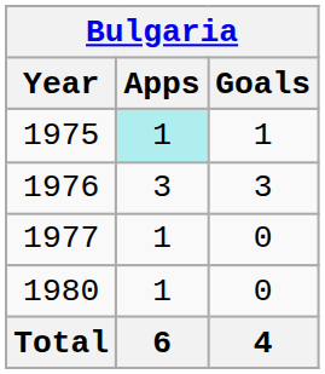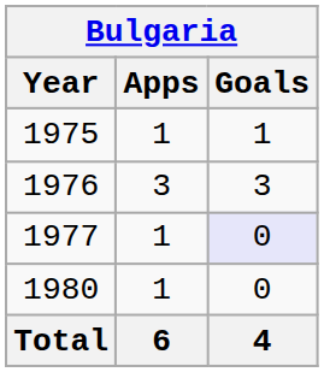 <table class="wikitable" style="text-align:center">
 <tr>
 <th colspan=3><a href='#'>Bulgaria</a></th>
 </tr>
 <tr>
 <th>Year</th>
 <th>Apps</th>
 <th>Goals</th>
 </tr>
 <tr>
 <td>1975</td>
-<td style="background: paleturquoise;">1</td>
+<td>1</td>
 <td>1</td>
 </tr>
 <tr>
 <td>1976</td>
 <td>3</td>
 <td>3</td>
 </tr>
 <tr>
 <td>1977</td>
 <td>1</td>
-<td>0</td>
+<td style="background: lavender;">0</td>
 </tr>
 <tr>
 <td>1980</td>
 <td>1</td>
 <td>0</td>
 </tr>
 <tr>
 <th>Total</th>
 <th>6</th>
 <th>4</th>
 </tr>
 </table>
